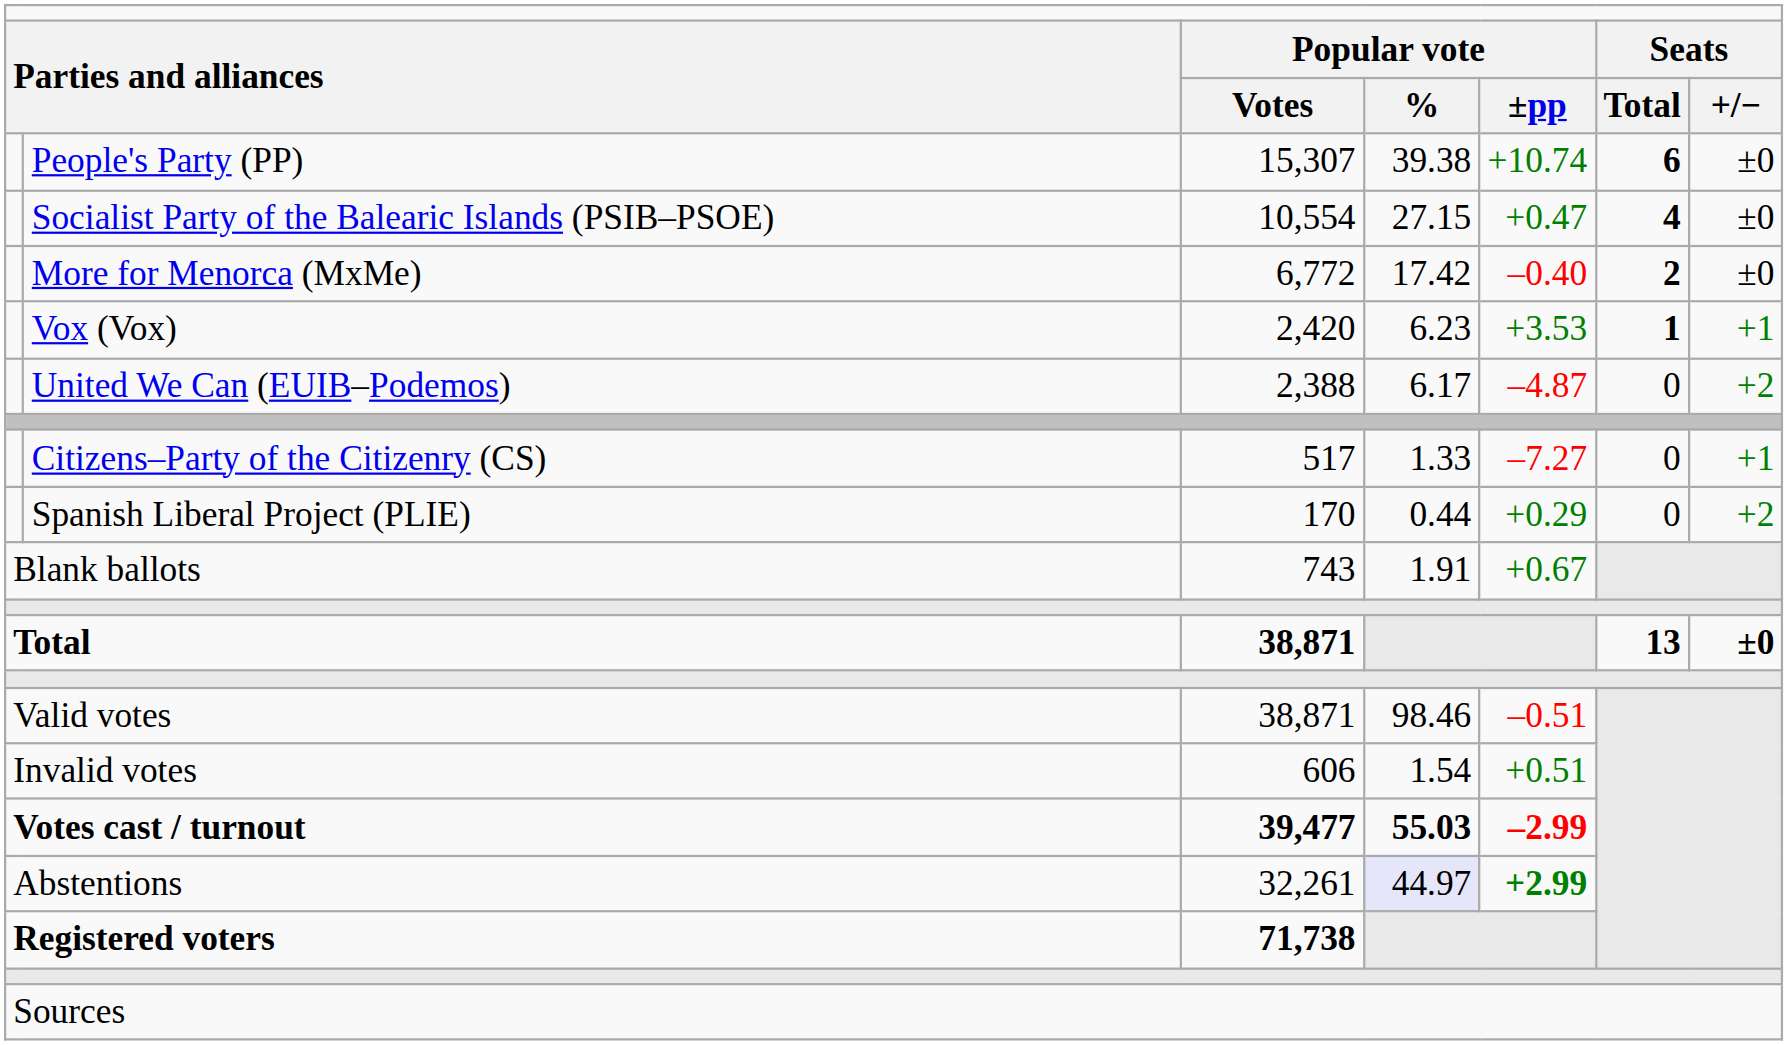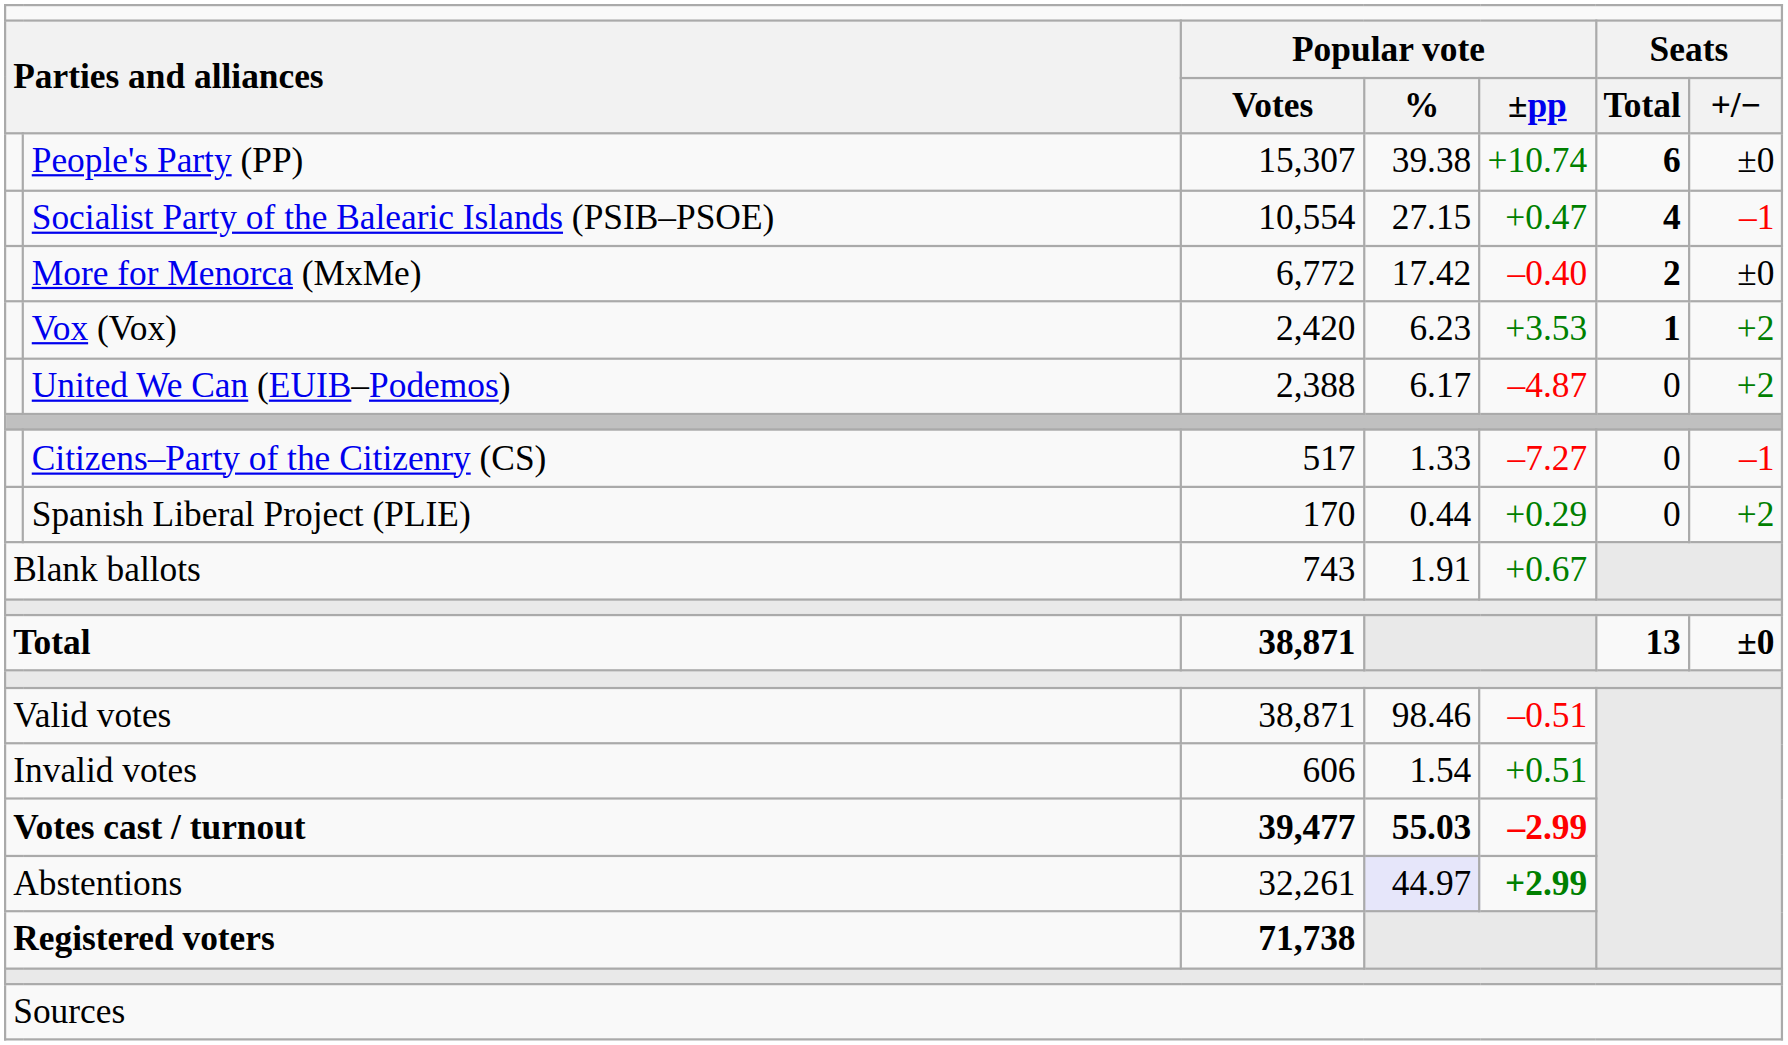 <table class="wikitable" style="text-align:right;">
 <tr>
 <td colspan="7"></td>
 </tr>
 <tr>
 <th style="text-align:left;" rowspan="2" colspan="2" width="525">Parties and alliances</th>
 <th colspan="3">Popular vote</th>
 <th colspan="2">Seats</th>
 </tr>
 <tr>
 <th width="75">Votes</th>
 <th width="45">%</th>
 <th width="45">±<a href='#'>pp</a></th>
 <th width="35">Total</th>
 <th width="35">+/−</th>
 </tr>
 <tr>
 <td width="1" style="color:inherit;background:"></td>
 <td align="left"><a href='#'>People's Party</a> (PP)</td>
 <td>15,307</td>
 <td>39.38</td>
 <td style="color:green;">+10.74</td>
 <td><strong>6</strong></td>
 <td>±0</td>
 </tr>
 <tr>
 <td style="color:inherit;background:"></td>
 <td align="left"><a href='#'>Socialist Party of the Balearic Islands</a> (PSIB–PSOE)</td>
 <td>10,554</td>
 <td>27.15</td>
 <td style="color:green;">+0.47</td>
 <td><strong>4</strong></td>
-<td>±0</td>
+<td style="color:red;">–1</td>
 </tr>
 <tr>
 <td style="color:inherit;background:"></td>
 <td align="left"><a href='#'>More for Menorca</a> (MxMe)</td>
 <td>6,772</td>
 <td>17.42</td>
 <td style="color:red;">–0.40</td>
 <td><strong>2</strong></td>
 <td>±0</td>
 </tr>
 <tr>
 <td style="color:inherit;background:"></td>
 <td align="left"><a href='#'>Vox</a> (Vox)</td>
 <td>2,420</td>
 <td>6.23</td>
 <td style="color:green;">+3.53</td>
 <td><strong>1</strong></td>
-<td style="color:green;">+1</td>
+<td style="color:green;">+2</td>
 </tr>
 <tr>
 <td style="color:inherit;background:"></td>
 <td align="left"><a href='#'>United We Can</a> (<a href='#'>EUIB</a>–<a href='#'>Podemos</a>)</td>
 <td>2,388</td>
 <td>6.17</td>
 <td style="color:red;">–4.87</td>
 <td>0</td>
 <td style="color:green;">+2</td>
 </tr>
 <tr>
 <td colspan="7" bgcolor="#C0C0C0"></td>
 </tr>
 <tr>
 <td style="color:inherit;background:"></td>
 <td align="left"><a href='#'>Citizens–Party of the Citizenry</a> (CS)</td>
 <td>517</td>
 <td>1.33</td>
 <td style="color:red;">–7.27</td>
 <td>0</td>
-<td style="color:green;">+1</td>
+<td style="color:red;">–1</td>
 </tr>
 <tr>
 <td style="color:inherit;background:"></td>
 <td align="left">Spanish Liberal Project (PLIE)</td>
 <td>170</td>
 <td>0.44</td>
 <td style="color:green;">+0.29</td>
 <td>0</td>
 <td style="color:green;">+2</td>
 </tr>
 <tr>
 <td align="left" colspan="2">Blank ballots</td>
 <td>743</td>
 <td>1.91</td>
 <td style="color:green;">+0.67</td>
 <td bgcolor="#E9E9E9" colspan="2"></td>
 </tr>
 <tr>
 <td colspan="7" bgcolor="#E9E9E9"></td>
 </tr>
 <tr style="font-weight:bold;">
 <td align="left" colspan="2">Total</td>
 <td>38,871</td>
 <td bgcolor="#E9E9E9" colspan="2"></td>
 <td>13</td>
 <td>±0</td>
 </tr>
 <tr>
 <td colspan="7" bgcolor="#E9E9E9"></td>
 </tr>
 <tr>
 <td align="left" colspan="2">Valid votes</td>
 <td>38,871</td>
 <td>98.46</td>
 <td style="color:red;">–0.51</td>
 <td bgcolor="#E9E9E9" colspan="2" rowspan="5"></td>
 </tr>
 <tr>
 <td align="left" colspan="2">Invalid votes</td>
 <td>606</td>
 <td>1.54</td>
 <td style="color:green;">+0.51</td>
 </tr>
 <tr style="font-weight:bold;">
 <td align="left" colspan="2">Votes cast / turnout</td>
 <td>39,477</td>
 <td>55.03</td>
 <td style="color:red;">–2.99</td>
 </tr>
 <tr>
 <td align="left" colspan="2">Abstentions</td>
 <td>32,261</td>
 <td style="background: lavender;">44.97</td>
 <td style="color:green;"><strong>+2.99</strong></td>
 </tr>
 <tr style="font-weight:bold;">
 <td align="left" colspan="2">Registered voters</td>
 <td>71,738</td>
 <td bgcolor="#E9E9E9" colspan="2"></td>
 </tr>
 <tr>
 <td colspan="7" bgcolor="#E9E9E9"></td>
 </tr>
 <tr>
 <td align="left" colspan="7">Sources</td>
 </tr>
 </table>
